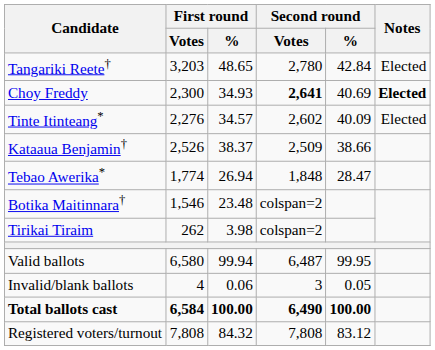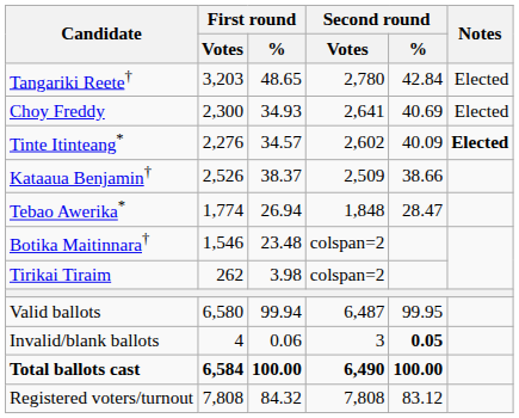 <table class=wikitable style=text-align:right>
 <tr>
 <th rowspan=2>Candidate</th>
 <th colspan=2>First round</th>
 <th colspan=2>Second round</th>
 <th rowspan=2>Notes</th>
 </tr>
 <tr>
 <th>Votes</th>
 <th>%</th>
 <th>Votes</th>
 <th>%</th>
 </tr>
 <tr>
 <td align=left><a href='#'>Tangariki Reete</a><sup>†</sup></td>
 <td>3,203</td>
 <td>48.65</td>
 <td>2,780</td>
 <td>42.84</td>
 <td>Elected</td>
 </tr>
 <tr>
 <td align=left><a href='#'>Choy Freddy</a></td>
 <td>2,300</td>
 <td>34.93</td>
-<td><strong>2,641</strong></td>
+<td>2,641</td>
 <td>40.69</td>
-<td><strong>Elected</strong></td>
+<td>Elected</td>
 </tr>
 <tr>
 <td align=left><a href='#'>Tinte Itinteang</a><sup>*</sup></td>
 <td>2,276</td>
 <td>34.57</td>
 <td>2,602</td>
 <td>40.09</td>
-<td>Elected</td>
+<td><strong>Elected</strong></td>
 </tr>
 <tr>
 <td align=left><a href='#'>Kataaua Benjamin</a><sup>†</sup></td>
 <td>2,526</td>
 <td>38.37</td>
 <td>2,509</td>
 <td>38.66</td>
 <td></td>
 </tr>
 <tr>
 <td align=left><a href='#'>Tebao Awerika</a><sup>*</sup></td>
 <td>1,774</td>
 <td>26.94</td>
 <td>1,848</td>
 <td>28.47</td>
 <td></td>
 </tr>
 <tr>
 <td align=left><a href='#'>Botika Maitinnara</a><sup>†</sup></td>
 <td>1,546</td>
 <td>23.48</td>
 <td>colspan=2 </td>
 <td></td>
 </tr>
 <tr>
 <td align=left><a href='#'>Tirikai Tiraim</a></td>
 <td>262</td>
 <td>3.98</td>
 <td>colspan=2 </td>
 <td></td>
 </tr>
 <tr>
 <th colspan=6></th>
 </tr>
 <tr>
 <td align=left>Valid ballots</td>
 <td>6,580</td>
 <td>99.94</td>
 <td>6,487</td>
 <td>99.95</td>
 <td></td>
 </tr>
 <tr>
 <td align=left>Invalid/blank ballots</td>
 <td>4</td>
 <td>0.06</td>
 <td>3</td>
-<td>0.05</td>
+<td><strong>0.05</strong></td>
 <td></td>
 </tr>
 <tr style="font-weight:bold">
 <td align=left>Total ballots cast</td>
 <td>6,584</td>
 <td>100.00</td>
 <td>6,490</td>
 <td>100.00</td>
 <td></td>
 </tr>
 <tr>
 <td align=left>Registered voters/turnout</td>
 <td>7,808</td>
 <td>84.32</td>
 <td>7,808</td>
 <td>83.12</td>
 <td></td>
 </tr>
 </table>
